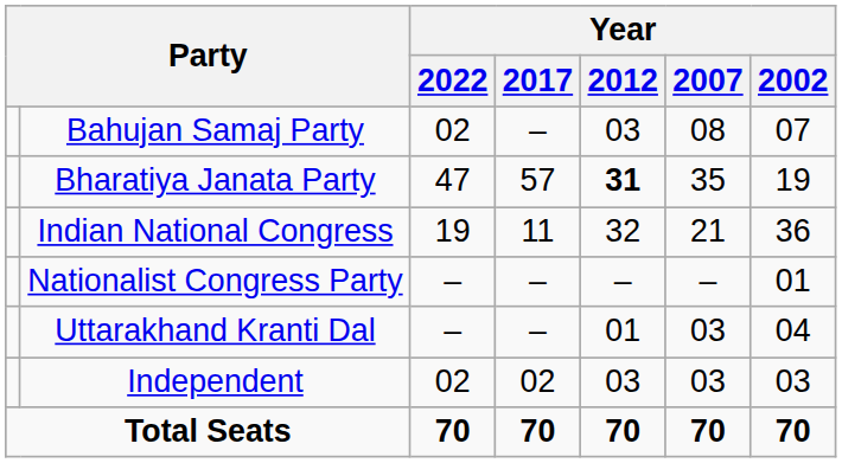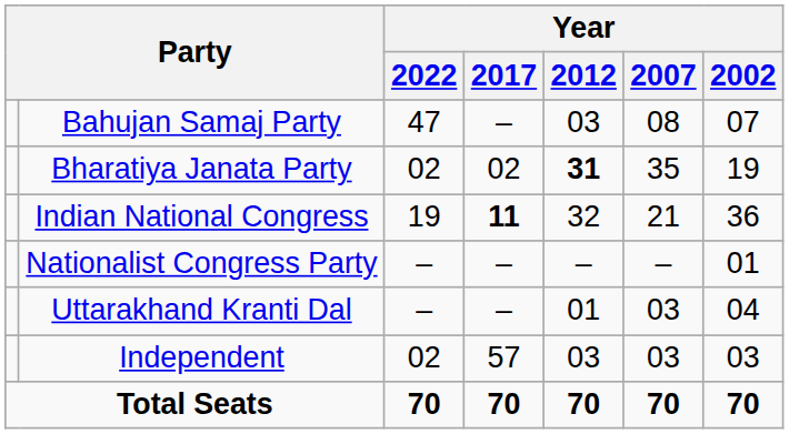 <table class="wikitable sortable">
 <tr>
 <th rowspan="2" colspan="2">Party</th>
 <th colspan="6">Year</th>
 </tr>
 <tr style="text-align:center;">
 <th><a href='#'>2022<br></a></th>
 <th><a href='#'>2017<br></a></th>
 <th><a href='#'>2012<br></a></th>
 <th><a href='#'>2007<br></a></th>
 <th><a href='#'>2002<br></a></th>
 </tr>
 <tr style="text-align:center;">
 <td style="background-color: "></td>
 <td><a href='#'>Bahujan Samaj Party</a></td>
-<td>02</td>
+<td>47</td>
 <td>–</td>
 <td>03</td>
 <td>08</td>
 <td>07</td>
 </tr>
 <tr style="text-align:center;">
 <td style="background-color: "></td>
 <td><a href='#'>Bharatiya Janata Party</a></td>
-<td>47</td>
-<td>57</td>
+<td>02</td>
+<td>02</td>
 <td><strong>31</strong></td>
 <td>35</td>
 <td>19</td>
 </tr>
 <tr style="text-align:center;">
 <td style="background-color: "></td>
 <td><a href='#'>Indian National Congress</a></td>
 <td>19</td>
-<td>11</td>
+<td><strong>11</strong></td>
 <td>32</td>
 <td>21</td>
 <td>36</td>
 </tr>
 <tr style="text-align:center;">
 <td style="background-color: "></td>
 <td><a href='#'>Nationalist Congress Party</a></td>
 <td>–</td>
 <td>–</td>
 <td>–</td>
 <td>–</td>
 <td>01</td>
 </tr>
 <tr style="text-align:center;">
 <td style="background-color: "></td>
 <td><a href='#'>Uttarakhand Kranti Dal</a></td>
 <td>–</td>
 <td>–</td>
 <td>01</td>
 <td>03</td>
 <td>04</td>
 </tr>
 <tr style="text-align:center;">
 <td style="background-color: "></td>
 <td><a href='#'>Independent</a></td>
 <td>02</td>
-<td>02</td>
+<td>57</td>
 <td>03</td>
 <td>03</td>
 <td>03</td>
 </tr>
 <tr style="text-align:center;">
 <td colspan="2"><strong>Total Seats</strong></td>
 <td><strong>70</strong></td>
 <td><strong>70</strong></td>
 <td><strong>70</strong></td>
 <td><strong>70</strong></td>
 <td><strong>70</strong></td>
 </tr>
 </table>
